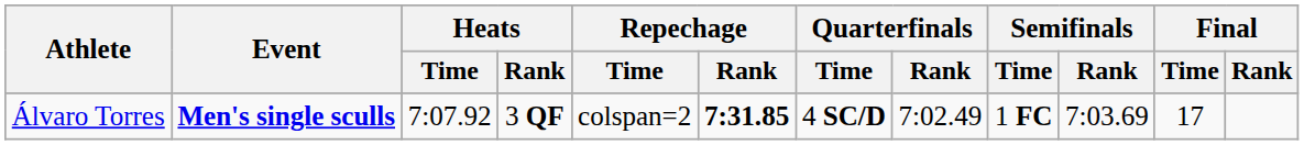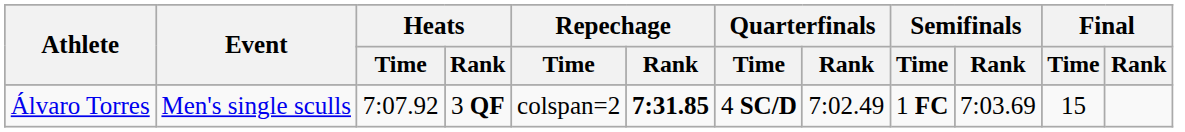 <table class="wikitable" style="font-size:90%">
 <tr>
 <th rowspan="2">Athlete</th>
 <th rowspan="2">Event</th>
 <th colspan="2">Heats</th>
 <th colspan="2">Repechage</th>
 <th colspan="2">Quarterfinals</th>
 <th colspan="2">Semifinals</th>
 <th colspan="2">Final</th>
 </tr>
 <tr style="font-size:95%">
 <th>Time</th>
 <th>Rank</th>
 <th>Time</th>
 <th>Rank</th>
 <th>Time</th>
 <th>Rank</th>
 <th>Time</th>
 <th>Rank</th>
 <th>Time</th>
 <th>Rank</th>
 </tr>
 <tr align=center>
 <td align=left><a href='#'>Álvaro Torres</a></td>
-<td align=left><strong><a href='#'>Men's single sculls</a></strong></td>
+<td align=left><a href='#'>Men's single sculls</a></td>
 <td>7:07.92</td>
 <td>3 <strong>QF</strong></td>
 <td>colspan=2 </td>
 <td><strong>7:31.85</strong></td>
 <td>4 <strong>SC/D</strong></td>
 <td>7:02.49</td>
 <td>1 <strong>FC</strong></td>
 <td>7:03.69</td>
-<td>17</td>
+<td>15</td>
 </tr>
 </table>
